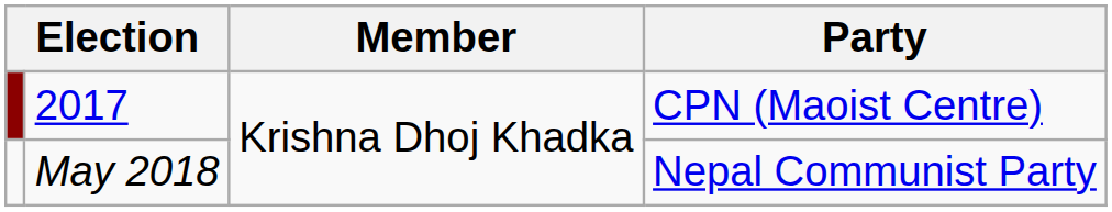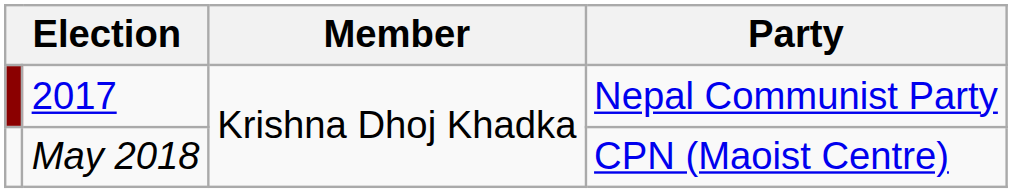 <table class="wikitable">
 <tr>
 <th colspan="2">Election</th>
 <th>Member</th>
 <th>Party</th>
 </tr>
 <tr>
 <td style="background-color:darkred"></td>
 <td><a href='#'>2017</a></td>
 <td rowspan="2">Krishna Dhoj Khadka</td>
-<td><a href='#'>CPN (Maoist Centre)</a></td>
+<td><a href='#'>Nepal Communist Party</a></td>
 </tr>
 <tr>
 <td style="background-color:"></td>
 <td><em>May 2018</em></td>
-<td><a href='#'>Nepal Communist Party</a></td>
+<td><a href='#'>CPN (Maoist Centre)</a></td>
 </tr>
 </table>
